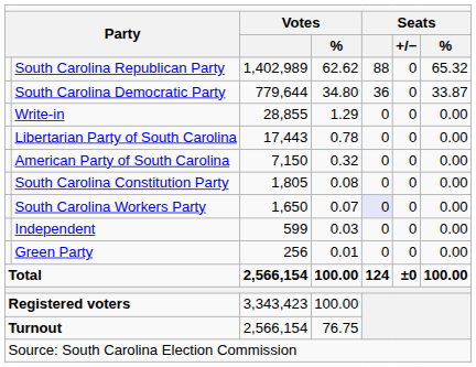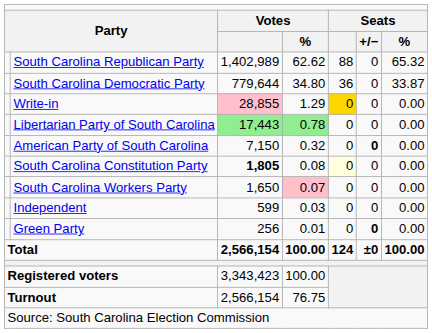 <table class="wikitable">
 <tr>
 <td colspan="7"></td>
 </tr>
 <tr>
 <th colspan="2" rowspan="2">Party</th>
 <th colspan="2">Votes</th>
 <th colspan="3">Seats</th>
 </tr>
 <tr>
 <th></th>
 <th>%</th>
 <th></th>
 <th>+/−</th>
 <th>%</th>
 </tr>
 <tr>
 <td style="background-color:"></td>
 <td><a href='#'>South Carolina Republican Party</a></td>
 <td align="right">1,402,989</td>
 <td align="right">62.62</td>
 <td align="right">88</td>
 <td align="right">0</td>
 <td align="right">65.32</td>
 </tr>
 <tr>
 <td style="background-color:"></td>
 <td><a href='#'>South Carolina Democratic Party</a></td>
 <td align="right">779,644</td>
 <td align="right">34.80</td>
 <td align="right">36</td>
 <td align="right">0</td>
 <td align="right">33.87</td>
 </tr>
 <tr>
 <td style="background-color:"></td>
 <td><a href='#'>Write-in</a></td>
-<td align="right">28,855</td>
+<td align="right" style="background: pink;">28,855</td>
 <td align="right">1.29</td>
-<td align="right">0</td>
+<td align="right" style="background: gold;">0</td>
 <td align="right">0</td>
 <td align="right">0.00</td>
 </tr>
 <tr>
 <td style="background-color:"></td>
 <td><a href='#'>Libertarian Party of South Carolina</a></td>
-<td align="right">17,443</td>
-<td align="right">0.78</td>
+<td align="right" style="background: lightgreen;">17,443</td>
+<td align="right" style="background: lightgreen;">0.78</td>
 <td align="right">0</td>
 <td align="right">0</td>
 <td align="right">0.00</td>
 </tr>
 <tr>
 <td style="background-color:"></td>
 <td><a href='#'>American Party of South Carolina</a></td>
 <td align="right">7,150</td>
 <td align="right">0.32</td>
 <td align="right">0</td>
-<td align="right">0</td>
+<td align="right"><strong>0</strong></td>
 <td align="right">0.00</td>
 </tr>
 <tr>
 <td style="background-color:"></td>
 <td><a href='#'>South Carolina Constitution Party</a></td>
-<td align="right">1,805</td>
+<td align="right"><strong>1,805</strong></td>
 <td align="right">0.08</td>
-<td align="right">0</td>
+<td align="right" style="background: lightyellow;">0</td>
 <td align="right">0</td>
 <td align="right">0.00</td>
 </tr>
 <tr>
 <td style="background-color:"></td>
 <td><a href='#'>South Carolina Workers Party</a></td>
 <td align="right">1,650</td>
-<td align="right">0.07</td>
-<td align="right" style="background: lavender;">0</td>
+<td align="right" style="background: pink;">0.07</td>
+<td align="right">0</td>
 <td align="right">0</td>
 <td align="right">0.00</td>
 </tr>
 <tr>
 <td style="background-color:"></td>
 <td><a href='#'>Independent</a></td>
 <td align="right">599</td>
 <td align="right">0.03</td>
 <td align="right">0</td>
 <td align="right">0</td>
 <td align="right">0.00</td>
 </tr>
 <tr>
 <td style="background-color:"></td>
 <td><a href='#'>Green Party</a></td>
 <td align="right">256</td>
 <td align="right">0.01</td>
 <td align="right">0</td>
-<td align="right">0</td>
+<td align="right"><strong>0</strong></td>
 <td align="right">0.00</td>
 </tr>
 <tr>
 <td colspan="2"><strong>Total</strong></td>
 <td align="right"><strong>2,566,154</strong></td>
 <td align="right"><strong>100.00</strong></td>
 <td align="right"><strong>124</strong></td>
 <td align="right"><strong>±0</strong></td>
 <td align="right"><strong>100.00</strong></td>
 </tr>
 <tr>
 <th colspan="7"></th>
 </tr>
 <tr>
 <td colspan="2"><strong>Registered voters</strong></td>
 <td>3,343,423</td>
 <td>100.00</td>
 <th colspan="3" rowspan="2"></th>
 </tr>
 <tr>
 <td colspan="2"><strong>Turnout</strong></td>
 <td align="right">2,566,154</td>
 <td align="right">76.75</td>
 </tr>
 <tr>
 <td colspan="9" align="left">Source: South Carolina Election Commission</td>
 </tr>
 </table>
